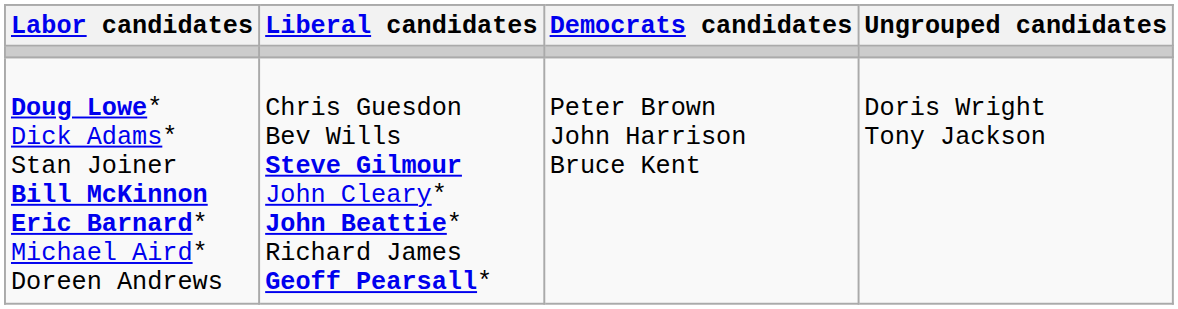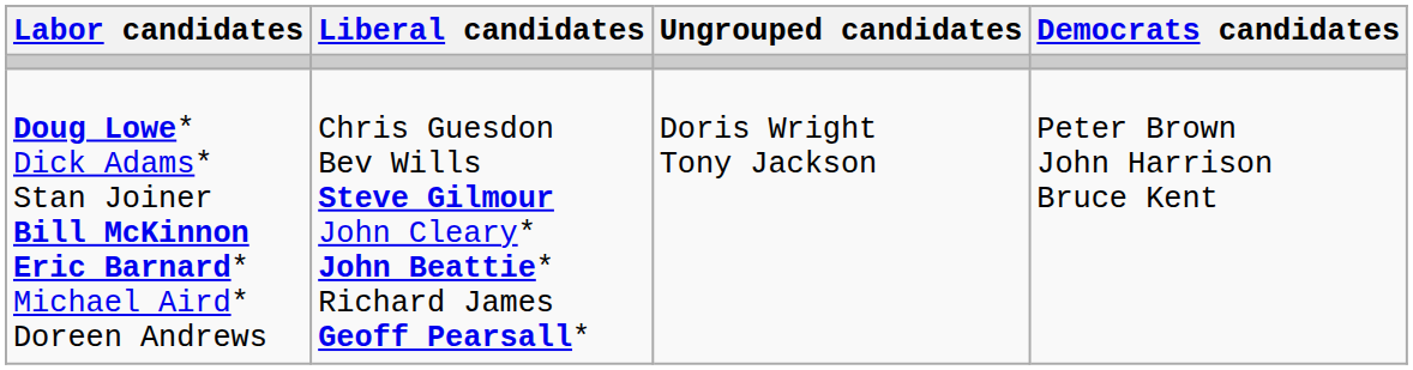 <table class="wikitable">
 <tr>
 <th><a href='#'>Labor</a> candidates</th>
 <th><a href='#'>Liberal</a> candidates</th>
+<th>Ungrouped candidates</th>
 <th><a href='#'>Democrats</a> candidates</th>
-<th>Ungrouped candidates</th>
 </tr>
 <tr bgcolor="#cccccc">
 <td></td>
 <td></td>
 <td></td>
 <td></td>
 </tr>
 <tr>
 <td><br><strong><a href='#'>Doug Lowe</a></strong>*<br> <a href='#'>Dick Adams</a>*<br> Stan Joiner<br> <strong><a href='#'>Bill McKinnon</a></strong><br> <strong><a href='#'>Eric Barnard</a></strong>*<br> <a href='#'>Michael Aird</a>*<br> Doreen Andrews</td>
 <td><br>Chris Guesdon<br> Bev Wills<br> <strong><a href='#'>Steve Gilmour</a></strong><br> <a href='#'>John Cleary</a>*<br> <strong><a href='#'>John Beattie</a></strong>*<br> Richard James<br> <strong><a href='#'>Geoff Pearsall</a></strong>*<br></td>
+<td valign=top><br>Doris Wright<br> Tony Jackson</td>
 <td valign=top><br>Peter Brown<br> John Harrison<br> Bruce Kent</td>
-<td valign=top><br>Doris Wright<br> Tony Jackson</td>
 </tr>
 </table>
